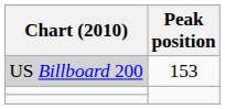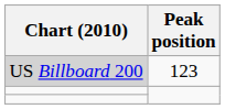 <table class="wikitable sortable">
 <tr>
 <th align="center">Chart (2010)</th>
 <th align="center">Peak<br>position</th>
 </tr>
 <tr>
 <td style="background: lightgrey;">US <a href='#'><em>Billboard</em> 200</a></td>
-<td align="center">153</td>
+<td align="center">123</td>
 </tr>
 <tr>
 <td></td>
 </tr>
 <tr>
 <td></td>
 </tr>
 </table>
